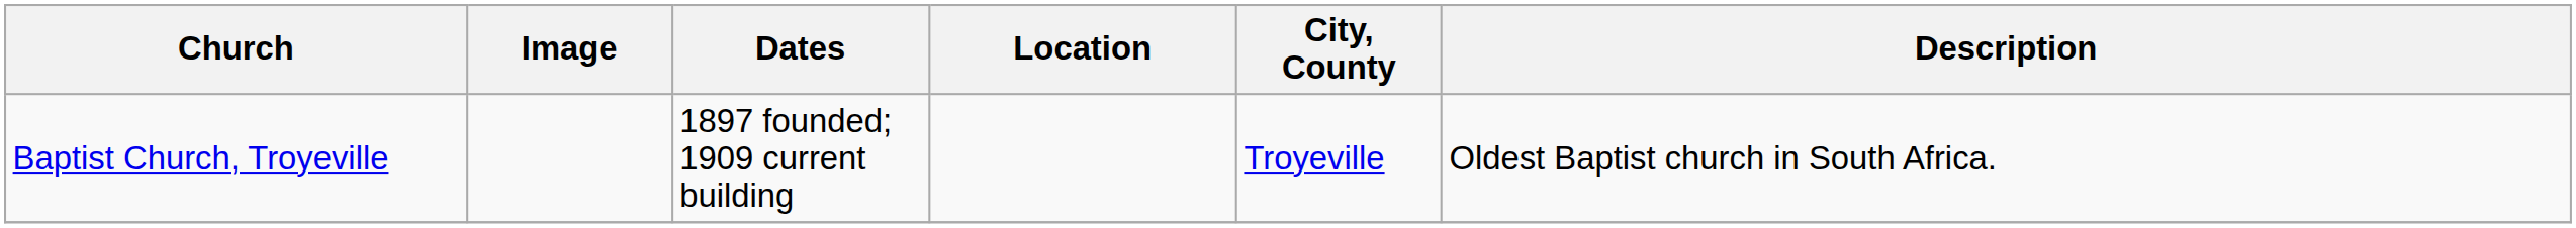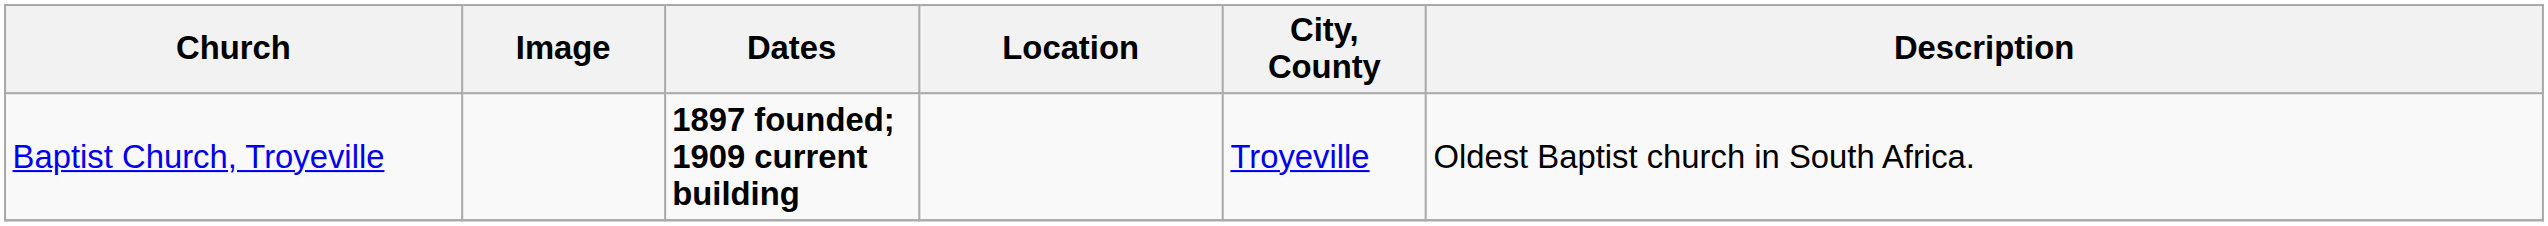 <table class="wikitable sortable" style="width:98%">
 <tr>
 <th width = 18%><strong>Church</strong></th>
 <th width = 8% class="unsortable"><strong>Image</strong></th>
 <th width = 10%><strong>Dates</strong></th>
 <th><strong>Location</strong></th>
 <th width = 8%><strong>City, County</strong></th>
 <th class="unsortable"><strong>Description</strong></th>
 </tr>
 <tr ->
 <td><a href='#'>Baptist Church, Troyeville</a></td>
 <td></td>
-<td>1897 founded; 1909 current building</td>
+<td><strong>1897 founded; 1909 current building</strong></td>
 <td></td>
 <td><a href='#'>Troyeville</a></td>
 <td>Oldest Baptist church in South Africa.</td>
 </tr>
 <tr>
 </tr>
 </table>
